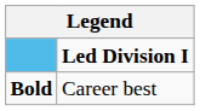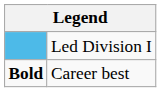 <table class="wikitable">
 <tr>
 <th colspan="2">Legend</th>
 </tr>
 <tr>
 <td bgcolor=#4dbae8 width=3em></td>
-<td><strong>Led Division I</strong></td>
+<td>Led Division I</td>
 </tr>
 <tr>
 <td><strong>Bold</strong></td>
 <td>Career best</td>
 </tr>
 </table>
